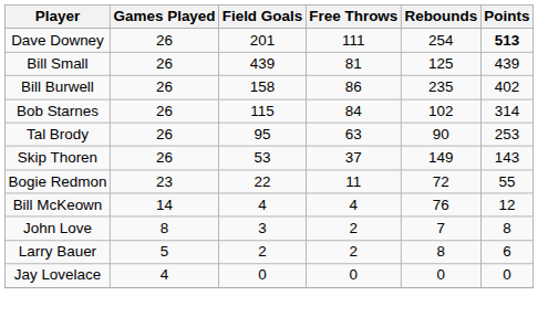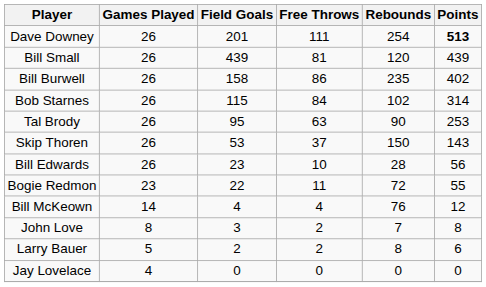 <table class="wikitable sortable">
 <tr>
 <th>Player</th>
 <th>Games Played</th>
 <th>Field Goals</th>
 <th>Free Throws</th>
 <th>Rebounds</th>
 <th>Points</th>
 </tr>
 <tr align="center" bgcolor="">
 <td>Dave Downey</td>
 <td>26</td>
 <td>201</td>
 <td>111</td>
 <td>254</td>
 <td><strong>513</strong></td>
 </tr>
 <tr align="center" bgcolor="">
 <td>Bill Small</td>
 <td>26</td>
 <td>439</td>
 <td>81</td>
-<td>125</td>
+<td>120</td>
 <td>439</td>
 </tr>
 <tr align="center" bgcolor="">
 <td>Bill Burwell</td>
 <td>26</td>
 <td>158</td>
 <td>86</td>
 <td>235</td>
 <td>402</td>
 </tr>
 <tr align="center" bgcolor="">
 <td>Bob Starnes</td>
 <td>26</td>
 <td>115</td>
 <td>84</td>
 <td>102</td>
 <td>314</td>
 </tr>
 <tr align="center" bgcolor="">
 <td>Tal Brody</td>
 <td>26</td>
 <td>95</td>
 <td>63</td>
 <td>90</td>
 <td>253</td>
 </tr>
 <tr align="center" bgcolor="">
 <td>Skip Thoren</td>
 <td>26</td>
 <td>53</td>
 <td>37</td>
-<td>149</td>
+<td>150</td>
 <td>143</td>
+</tr>
+<tr align="center" bgcolor="">
+<td>Bill Edwards</td>
+<td>26</td>
+<td>23</td>
+<td>10</td>
+<td>28</td>
+<td>56</td>
 </tr>
 <tr align="center" bgcolor="">
 <td>Bogie Redmon</td>
 <td>23</td>
 <td>22</td>
 <td>11</td>
 <td>72</td>
 <td>55</td>
 </tr>
 <tr align="center" bgcolor="">
 <td>Bill McKeown</td>
 <td>14</td>
 <td>4</td>
 <td>4</td>
 <td>76</td>
 <td>12</td>
 </tr>
 <tr align="center" bgcolor="">
 <td>John Love</td>
 <td>8</td>
 <td>3</td>
 <td>2</td>
 <td>7</td>
 <td>8</td>
 </tr>
 <tr align="center" bgcolor="">
 <td>Larry Bauer</td>
 <td>5</td>
 <td>2</td>
 <td>2</td>
 <td>8</td>
 <td>6</td>
 </tr>
 <tr align="center" bgcolor="">
 <td>Jay Lovelace</td>
 <td>4</td>
 <td>0</td>
 <td>0</td>
 <td>0</td>
 <td>0</td>
 </tr>
 <tr align="center" bgcolor="">
 </tr>
 </table>
